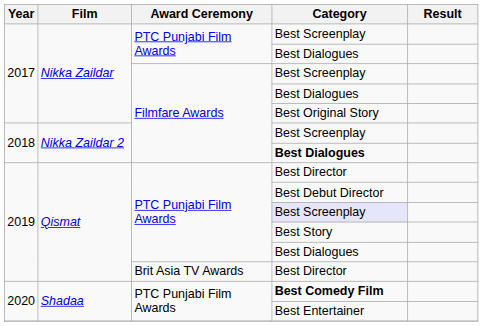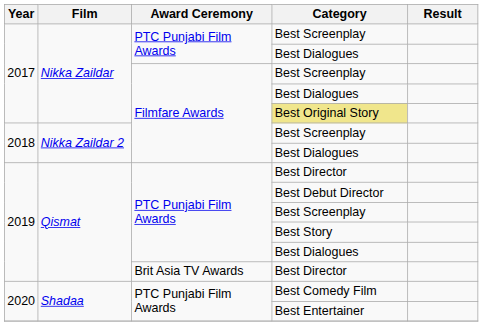 <table class="wikitable plainrowheaders">
 <tr>
 <th width=5%>Year</th>
 <th style="width:20%;">Film</th>
 <th style="width:30%;">Award Ceremony</th>
 <th style="width:29%;">Category</th>
 <th style="width:15%;">Result</th>
 </tr>
 <tr>
 <td rowspan="5">2017</td>
 <td rowspan="5"><em><a href='#'>Nikka Zaildar</a></em></td>
 <td rowspan="2"><a href='#'>PTC Punjabi Film Awards</a></td>
 <td>Best Screenplay</td>
 <td></td>
 </tr>
 <tr>
 <td>Best Dialogues</td>
 <td></td>
 </tr>
 <tr>
 <td rowspan="5"><a href='#'>Filmfare Awards</a></td>
 <td>Best Screenplay</td>
 <td></td>
 </tr>
 <tr>
 <td>Best Dialogues</td>
 <td></td>
 </tr>
 <tr>
-<td>Best Original Story</td>
+<td style="background: khaki;">Best Original Story</td>
 <td></td>
 </tr>
 <tr>
 <td rowspan="2">2018</td>
 <td rowspan="2"><em><a href='#'>Nikka Zaildar 2</a></em></td>
 <td>Best Screenplay</td>
 <td></td>
 </tr>
 <tr>
-<td><strong>Best Dialogues</strong></td>
+<td>Best Dialogues</td>
 <td></td>
 </tr>
 <tr>
 <td rowspan="6">2019</td>
 <td rowspan="6"><em><a href='#'>Qismat</a></em></td>
 <td rowspan="5"><a href='#'>PTC Punjabi Film Awards</a></td>
 <td>Best Director</td>
 <td></td>
 </tr>
 <tr>
 <td>Best Debut Director</td>
 <td></td>
 </tr>
 <tr>
-<td style="background: lavender;">Best Screenplay</td>
+<td>Best Screenplay</td>
 <td></td>
 </tr>
 <tr>
 <td>Best Story</td>
 <td></td>
 </tr>
 <tr>
 <td>Best Dialogues</td>
 <td></td>
 </tr>
 <tr>
 <td>Brit Asia TV Awards</td>
 <td>Best Director</td>
 <td></td>
 </tr>
 <tr>
 <td rowspan="2">2020</td>
 <td rowspan="2"><em><a href='#'>Shadaa</a></em></td>
 <td rowspan="2">PTC Punjabi Film Awards</td>
-<td><strong>Best Comedy Film</strong></td>
+<td>Best Comedy Film</td>
 <td></td>
 </tr>
 <tr>
 <td>Best Entertainer</td>
 <td></td>
 </tr>
 <tr>
 </tr>
 </table>
